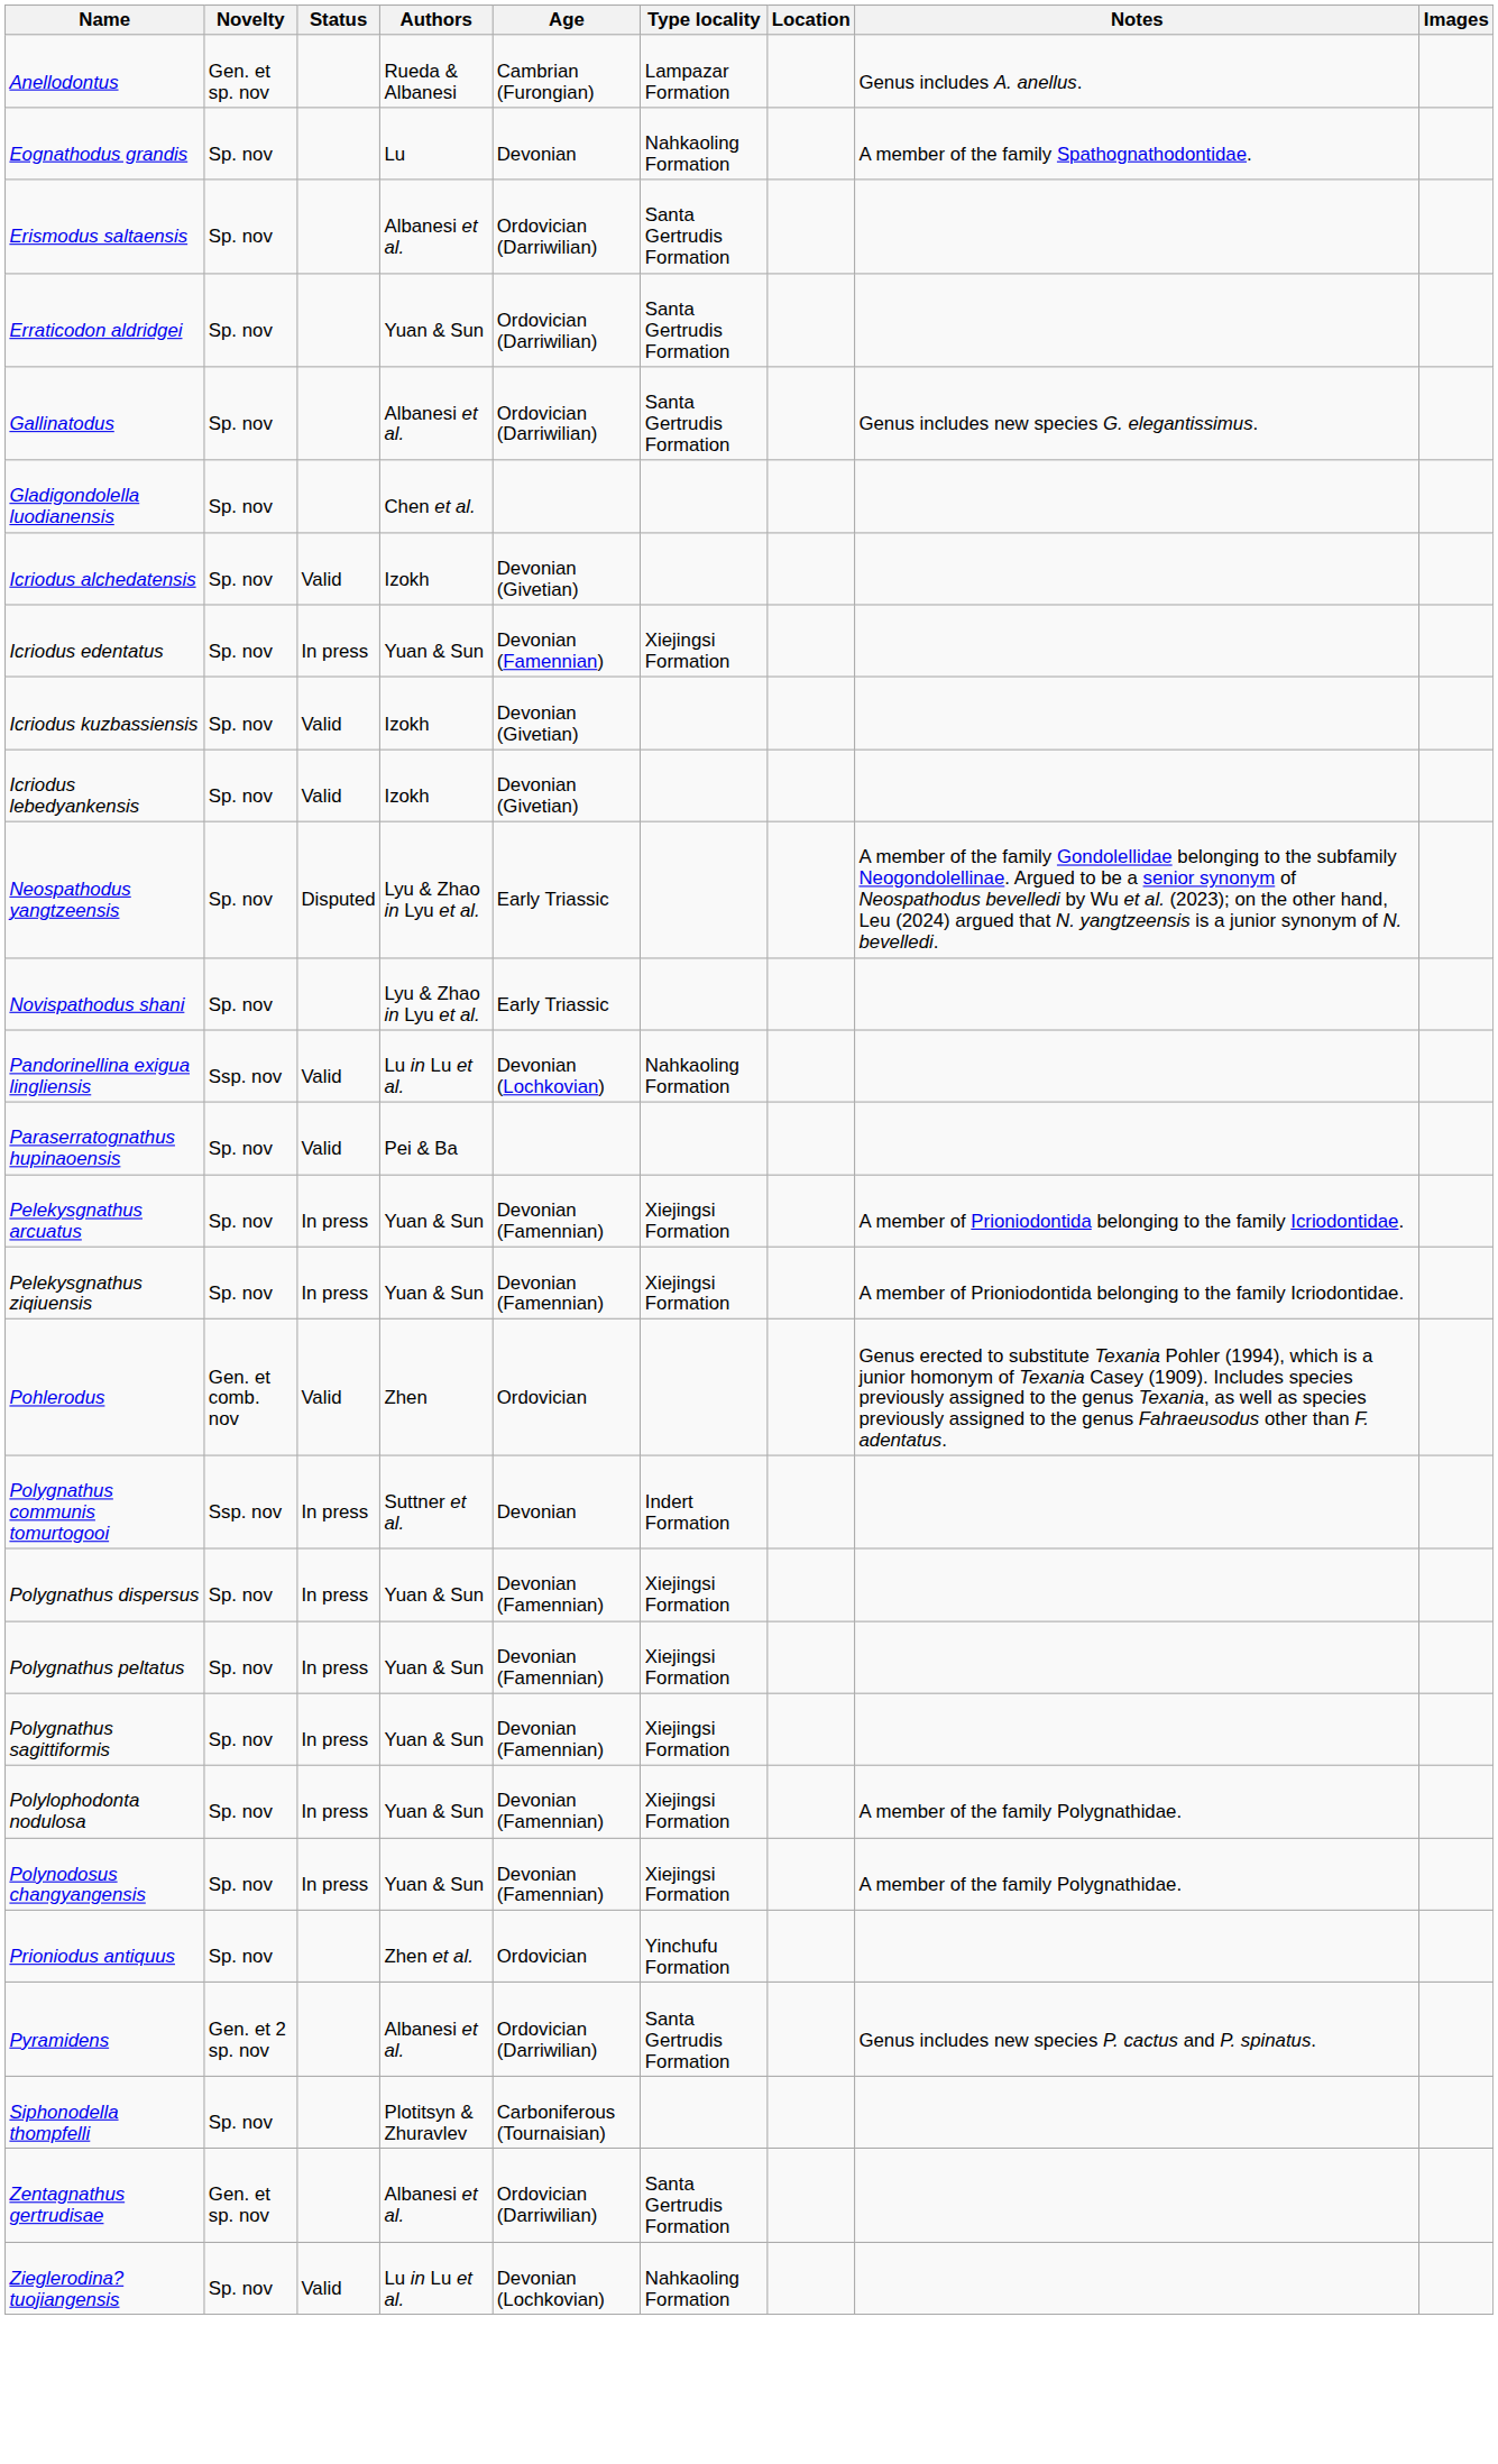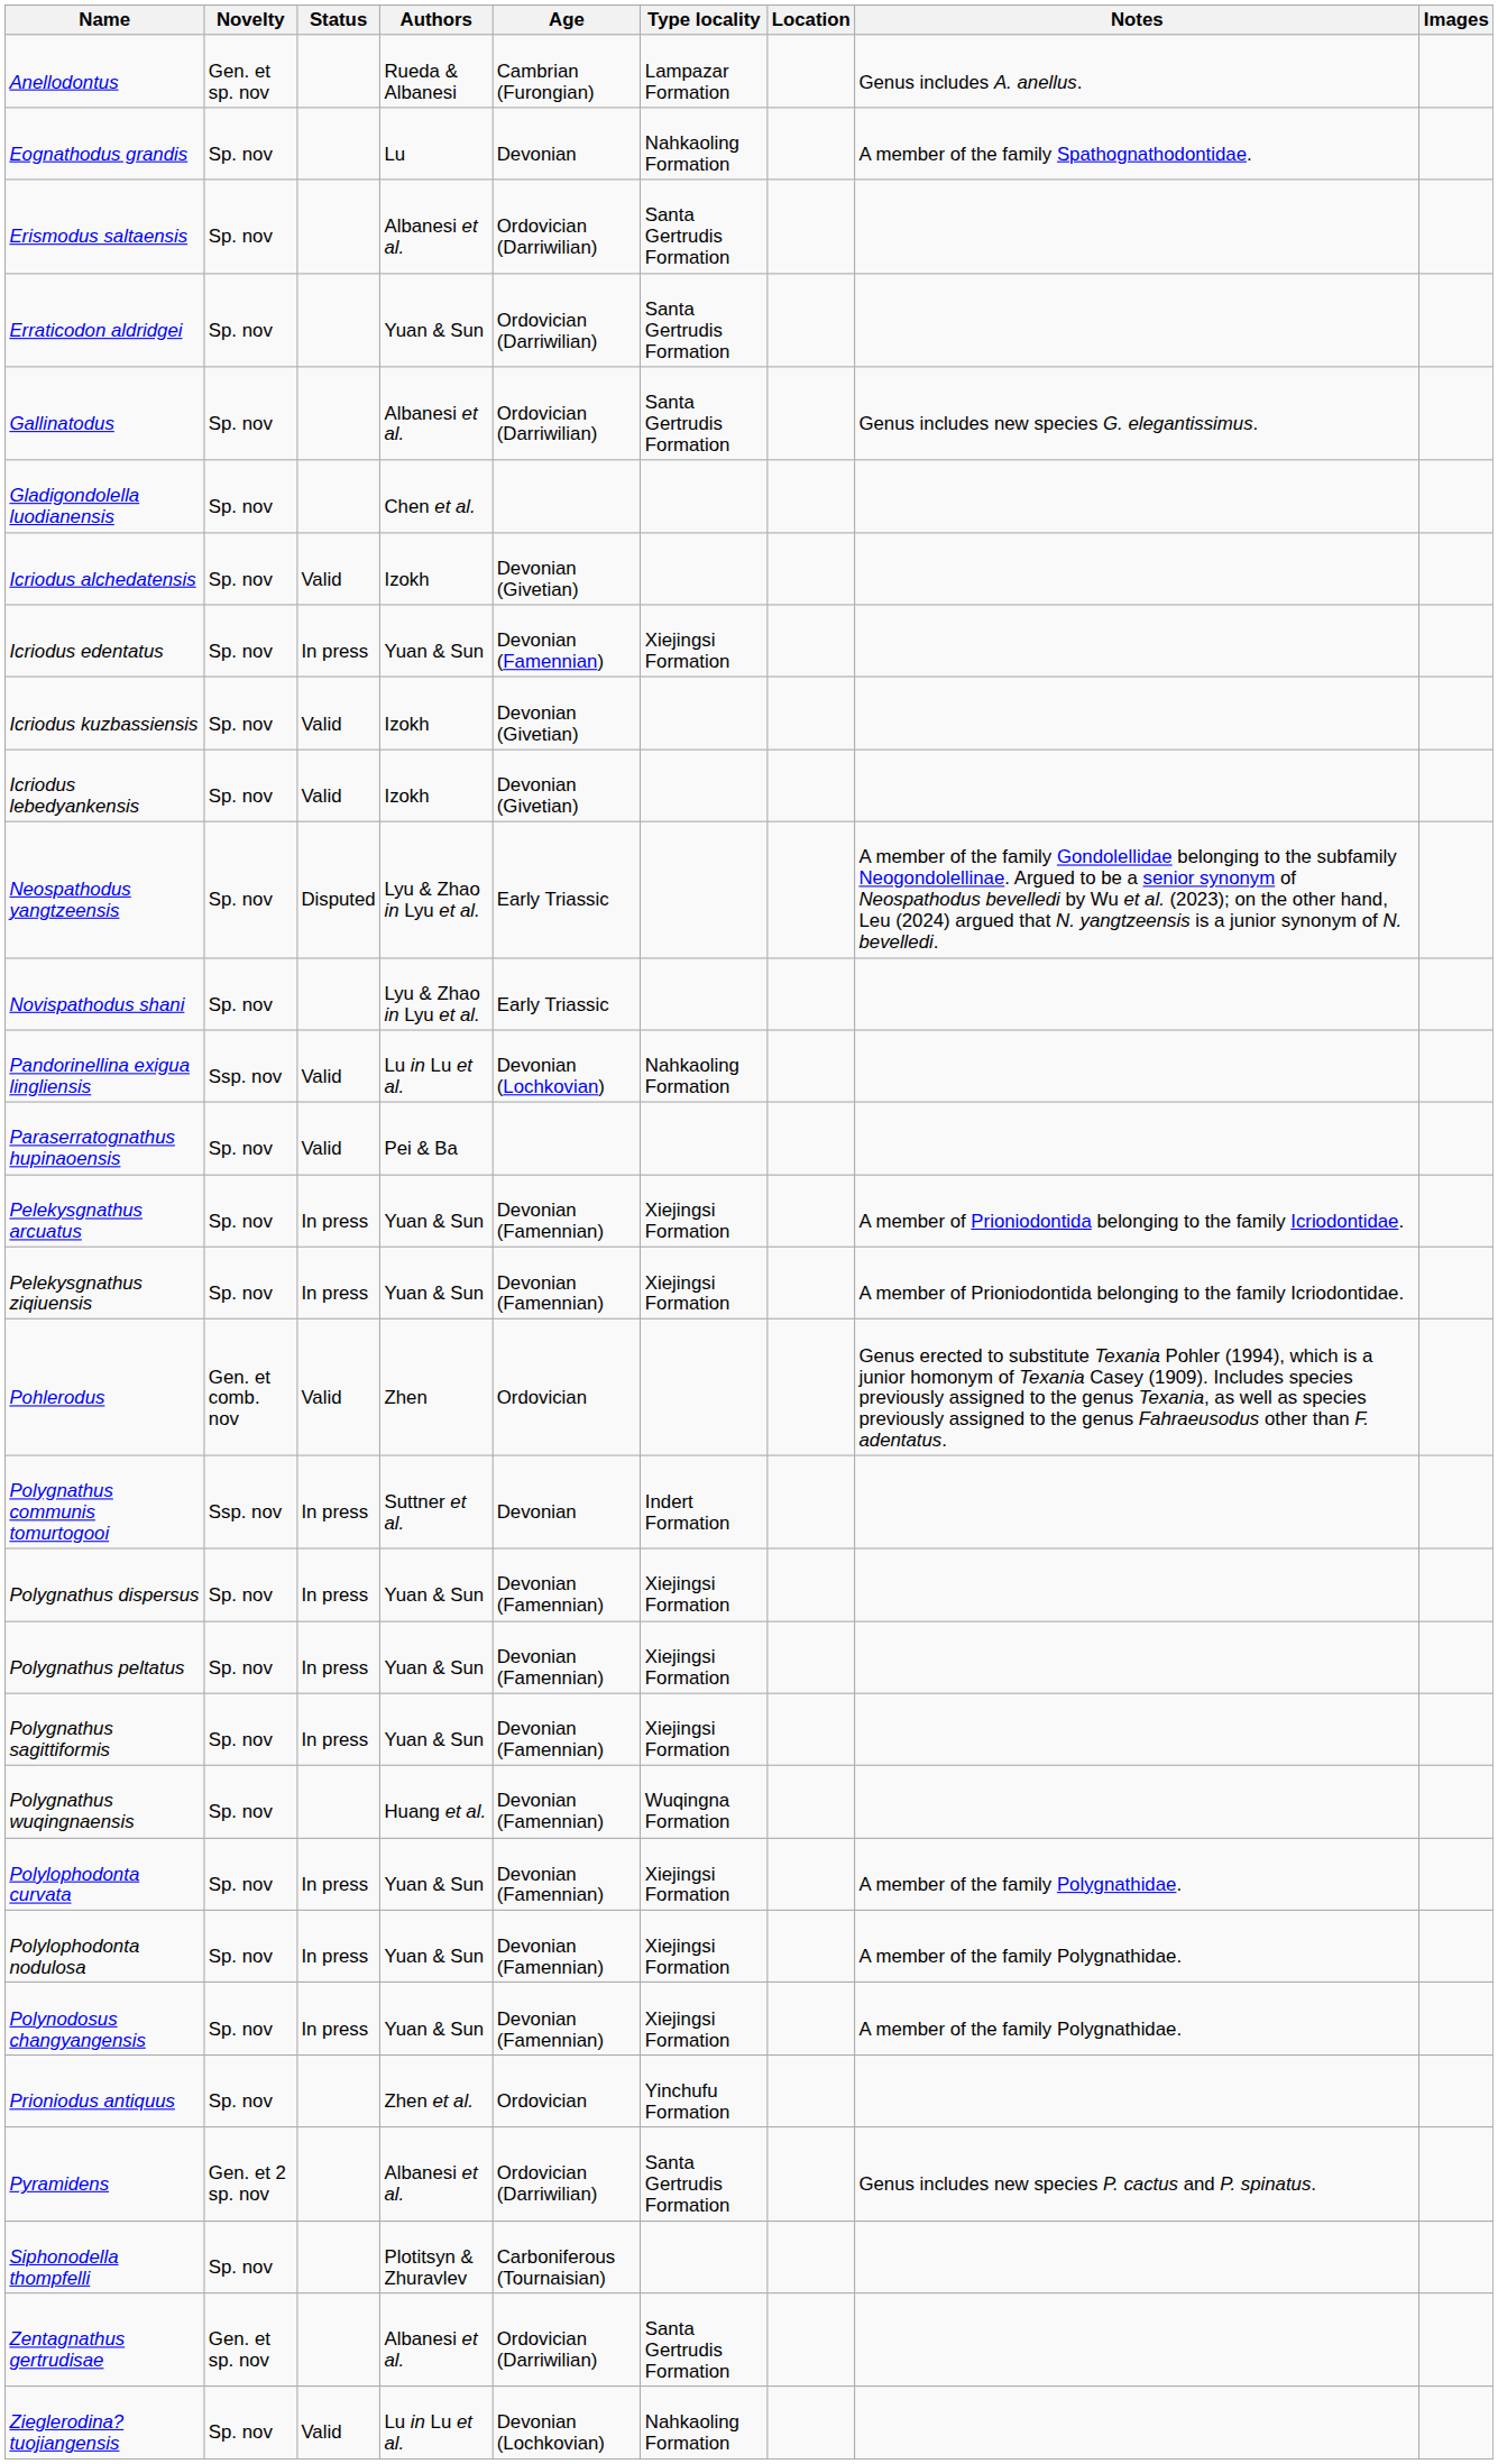 <table class="wikitable sortable" align="center" width="100%">
 <tr>
 <th>Name</th>
 <th>Novelty</th>
 <th>Status</th>
 <th>Authors</th>
 <th>Age</th>
 <th>Type locality</th>
 <th>Location</th>
 <th>Notes</th>
 <th>Images</th>
 </tr>
 <tr>
 <td><br><em><a href='#'>Anellodontus</a></em></td>
 <td><br>Gen. et sp. nov</td>
 <td></td>
 <td><br>Rueda & Albanesi</td>
 <td><br>Cambrian (Furongian)</td>
 <td><br>Lampazar Formation</td>
 <td><br></td>
 <td><br>Genus includes <em>A. anellus</em>.</td>
 <td></td>
 </tr>
 <tr>
 <td><br><em><a href='#'>Eognathodus grandis</a></em></td>
 <td><br>Sp. nov</td>
 <td></td>
 <td><br>Lu</td>
 <td><br>Devonian</td>
 <td><br>Nahkaoling Formation</td>
 <td><br></td>
 <td><br>A member of the family <a href='#'>Spathognathodontidae</a>.</td>
 <td></td>
 </tr>
 <tr>
 <td><br><em><a href='#'>Erismodus saltaensis</a></em></td>
 <td><br>Sp. nov</td>
 <td></td>
 <td><br>Albanesi <em>et al.</em></td>
 <td><br>Ordovician (Darriwilian)</td>
 <td><br>Santa Gertrudis Formation</td>
 <td><br></td>
 <td></td>
 <td></td>
 </tr>
 <tr>
 <td><br><em><a href='#'>Erraticodon aldridgei</a></em></td>
 <td><br>Sp. nov</td>
 <td></td>
 <td><br>Yuan & Sun</td>
 <td><br>Ordovician (Darriwilian)</td>
 <td><br>Santa Gertrudis Formation</td>
 <td><br></td>
 <td></td>
 <td></td>
 </tr>
 <tr>
 <td><br><em><a href='#'>Gallinatodus</a></em></td>
 <td><br>Sp. nov</td>
 <td></td>
 <td><br>Albanesi <em>et al.</em></td>
 <td><br>Ordovician (Darriwilian)</td>
 <td><br>Santa Gertrudis Formation</td>
 <td><br></td>
 <td><br>Genus includes new species <em>G. elegantissimus</em>.</td>
 <td></td>
 </tr>
 <tr>
 <td><br><em><a href='#'>Gladigondolella luodianensis</a></em></td>
 <td><br>Sp. nov</td>
 <td></td>
 <td><br>Chen <em>et al.</em></td>
 <td></td>
 <td></td>
 <td><br></td>
 <td></td>
 <td></td>
 </tr>
 <tr>
 <td><br><em><a href='#'>Icriodus alchedatensis</a></em></td>
 <td><br>Sp. nov</td>
 <td><br>Valid</td>
 <td><br>Izokh</td>
 <td><br>Devonian (Givetian)</td>
 <td></td>
 <td><br></td>
 <td></td>
 <td></td>
 </tr>
 <tr>
 <td><br><em>Icriodus edentatus</em></td>
 <td><br>Sp. nov</td>
 <td><br>In press</td>
 <td><br>Yuan & Sun</td>
 <td><br>Devonian (<a href='#'>Famennian</a>)</td>
 <td><br>Xiejingsi Formation</td>
 <td><br></td>
 <td></td>
 <td></td>
 </tr>
 <tr>
 <td><br><em>Icriodus kuzbassiensis</em></td>
 <td><br>Sp. nov</td>
 <td><br>Valid</td>
 <td><br>Izokh</td>
 <td><br>Devonian (Givetian)</td>
 <td></td>
 <td><br></td>
 <td></td>
 <td></td>
 </tr>
 <tr>
 <td><br><em>Icriodus lebedyankensis</em></td>
 <td><br>Sp. nov</td>
 <td><br>Valid</td>
 <td><br>Izokh</td>
 <td><br>Devonian (Givetian)</td>
 <td></td>
 <td><br></td>
 <td></td>
 <td></td>
 </tr>
 <tr>
 <td><br><em><a href='#'>Neospathodus yangtzeensis</a></em></td>
 <td><br>Sp. nov</td>
 <td><br>Disputed</td>
 <td><br>Lyu & Zhao <em>in</em> Lyu <em>et al.</em></td>
 <td><br>Early Triassic</td>
 <td></td>
 <td><br></td>
 <td><br>A member of the family <a href='#'>Gondolellidae</a> belonging to the subfamily <a href='#'>Neogondolellinae</a>. Argued to be a <a href='#'>senior synonym</a> of <em>Neospathodus bevelledi</em> by Wu <em>et al.</em> (2023); on the other hand, Leu (2024) argued that <em>N. yangtzeensis</em> is a junior synonym of <em>N. bevelledi</em>.</td>
 <td></td>
 </tr>
 <tr>
 <td><br><em><a href='#'>Novispathodus shani</a></em></td>
 <td><br>Sp. nov</td>
 <td></td>
 <td><br>Lyu & Zhao <em>in</em> Lyu <em>et al.</em></td>
 <td><br>Early Triassic</td>
 <td></td>
 <td><br></td>
 <td></td>
 <td></td>
 </tr>
 <tr>
 <td><br><em><a href='#'>Pandorinellina exigua lingliensis</a></em></td>
 <td><br>Ssp. nov</td>
 <td><br>Valid</td>
 <td><br>Lu <em>in</em> Lu <em>et al.</em></td>
 <td><br>Devonian (<a href='#'>Lochkovian</a>)</td>
 <td><br>Nahkaoling Formation</td>
 <td><br></td>
 <td></td>
 <td></td>
 </tr>
 <tr>
 <td><br><em><a href='#'>Paraserratognathus hupinaoensis</a></em></td>
 <td><br>Sp. nov</td>
 <td><br>Valid</td>
 <td><br>Pei & Ba</td>
 <td></td>
 <td></td>
 <td><br></td>
 <td></td>
 <td></td>
 </tr>
 <tr>
 <td><br><em><a href='#'>Pelekysgnathus arcuatus</a></em></td>
 <td><br>Sp. nov</td>
 <td><br>In press</td>
 <td><br>Yuan & Sun</td>
 <td><br>Devonian (Famennian)</td>
 <td><br>Xiejingsi Formation</td>
 <td><br></td>
 <td><br>A member of <a href='#'>Prioniodontida</a> belonging to the family <a href='#'>Icriodontidae</a>.</td>
 <td></td>
 </tr>
 <tr>
 <td><br><em>Pelekysgnathus ziqiuensis</em></td>
 <td><br>Sp. nov</td>
 <td><br>In press</td>
 <td><br>Yuan & Sun</td>
 <td><br>Devonian (Famennian)</td>
 <td><br>Xiejingsi Formation</td>
 <td><br></td>
 <td><br>A member of Prioniodontida belonging to the family Icriodontidae.</td>
 <td></td>
 </tr>
 <tr>
 <td><br><em><a href='#'>Pohlerodus</a></em></td>
 <td><br>Gen. et comb. nov</td>
 <td><br>Valid</td>
 <td><br>Zhen</td>
 <td><br>Ordovician</td>
 <td></td>
 <td><br><br> </td>
 <td><br>Genus erected to substitute <em>Texania</em> Pohler (1994), which is a junior homonym of <em>Texania</em> Casey (1909). Includes species previously assigned to the genus <em>Texania</em>, as well as species previously assigned to the genus <em>Fahraeusodus</em> other than <em>F. adentatus</em>.</td>
 <td></td>
 </tr>
 <tr>
 <td><br><em><a href='#'>Polygnathus communis tomurtogooi</a></em></td>
 <td><br>Ssp. nov</td>
 <td><br>In press</td>
 <td><br>Suttner <em>et al.</em></td>
 <td><br>Devonian</td>
 <td><br>Indert Formation</td>
 <td><br></td>
 <td></td>
 <td></td>
 </tr>
 <tr>
 <td><br><em>Polygnathus dispersus</em></td>
 <td><br>Sp. nov</td>
 <td><br>In press</td>
 <td><br>Yuan & Sun</td>
 <td><br>Devonian (Famennian)</td>
 <td><br>Xiejingsi Formation</td>
 <td><br></td>
 <td></td>
 <td></td>
 </tr>
 <tr>
 <td><br><em>Polygnathus peltatus</em></td>
 <td><br>Sp. nov</td>
 <td><br>In press</td>
 <td><br>Yuan & Sun</td>
 <td><br>Devonian (Famennian)</td>
 <td><br>Xiejingsi Formation</td>
 <td><br></td>
 <td></td>
 <td></td>
 </tr>
 <tr>
 <td><br><em>Polygnathus sagittiformis</em></td>
 <td><br>Sp. nov</td>
 <td><br>In press</td>
 <td><br>Yuan & Sun</td>
 <td><br>Devonian (Famennian)</td>
 <td><br>Xiejingsi Formation</td>
 <td><br></td>
 <td></td>
 <td></td>
 </tr>
 <tr>
+<td><br><em>Polygnathus wuqingnaensis</em></td>
+<td><br>Sp. nov</td>
+<td></td>
+<td><br>Huang <em>et al.</em></td>
+<td><br>Devonian (Famennian)</td>
+<td><br>Wuqingna Formation</td>
+<td><br></td>
+<td></td>
+<td></td>
+</tr>
+<tr>
+<td><br><em><a href='#'>Polylophodonta curvata</a></em></td>
+<td><br>Sp. nov</td>
+<td><br>In press</td>
+<td><br>Yuan & Sun</td>
+<td><br>Devonian (Famennian)</td>
+<td><br>Xiejingsi Formation</td>
+<td><br></td>
+<td><br>A member of the family <a href='#'>Polygnathidae</a>.</td>
+<td></td>
+</tr>
+<tr>
 <td><br><em>Polylophodonta nodulosa</em></td>
 <td><br>Sp. nov</td>
 <td><br>In press</td>
 <td><br>Yuan & Sun</td>
 <td><br>Devonian (Famennian)</td>
 <td><br>Xiejingsi Formation</td>
 <td><br></td>
 <td><br>A member of the family Polygnathidae.</td>
 <td></td>
 </tr>
 <tr>
 <td><br><em><a href='#'>Polynodosus changyangensis</a></em></td>
 <td><br>Sp. nov</td>
 <td><br>In press</td>
 <td><br>Yuan & Sun</td>
 <td><br>Devonian (Famennian)</td>
 <td><br>Xiejingsi Formation</td>
 <td><br></td>
 <td><br>A member of the family Polygnathidae.</td>
 <td></td>
 </tr>
 <tr>
 <td><br><em><a href='#'>Prioniodus antiquus</a></em></td>
 <td><br>Sp. nov</td>
 <td></td>
 <td><br>Zhen <em>et al.</em></td>
 <td><br>Ordovician</td>
 <td><br>Yinchufu Formation</td>
 <td><br></td>
 <td></td>
 <td></td>
 </tr>
 <tr>
 <td><br><em><a href='#'>Pyramidens</a></em></td>
 <td><br>Gen. et 2 sp. nov</td>
 <td></td>
 <td><br>Albanesi <em>et al.</em></td>
 <td><br>Ordovician (Darriwilian)</td>
 <td><br>Santa Gertrudis Formation</td>
 <td><br></td>
 <td><br>Genus includes new species <em>P. cactus</em> and <em>P. spinatus</em>.</td>
 <td></td>
 </tr>
 <tr>
 <td><br><em><a href='#'>Siphonodella thompfelli</a></em></td>
 <td><br>Sp. nov</td>
 <td></td>
 <td><br>Plotitsyn & Zhuravlev</td>
 <td><br>Carboniferous (Tournaisian)</td>
 <td></td>
 <td><br></td>
 <td></td>
 <td></td>
 </tr>
 <tr>
 <td><br><em><a href='#'>Zentagnathus gertrudisae</a></em></td>
 <td><br>Gen. et sp. nov</td>
 <td></td>
 <td><br>Albanesi <em>et al.</em></td>
 <td><br>Ordovician (Darriwilian)</td>
 <td><br>Santa Gertrudis Formation</td>
 <td><br></td>
 <td></td>
 <td></td>
 </tr>
 <tr>
 <td><br><em><a href='#'>Zieglerodina? tuojiangensis</a></em></td>
 <td><br>Sp. nov</td>
 <td><br>Valid</td>
 <td><br>Lu <em>in</em> Lu <em>et al.</em></td>
 <td><br>Devonian (Lochkovian)</td>
 <td><br>Nahkaoling Formation</td>
 <td><br></td>
 <td></td>
 <td></td>
 </tr>
 <tr>
 </tr>
 </table>
